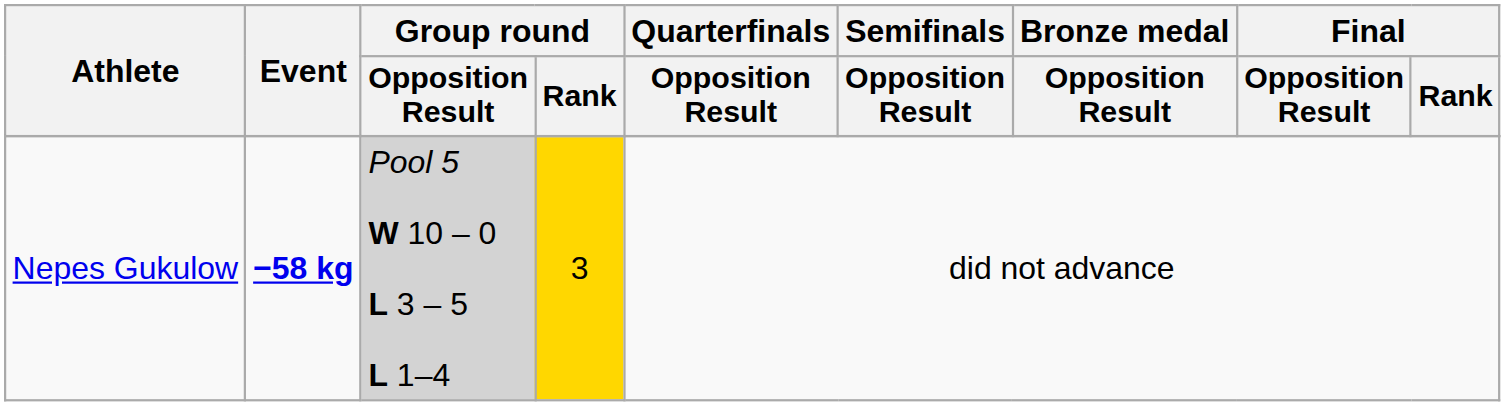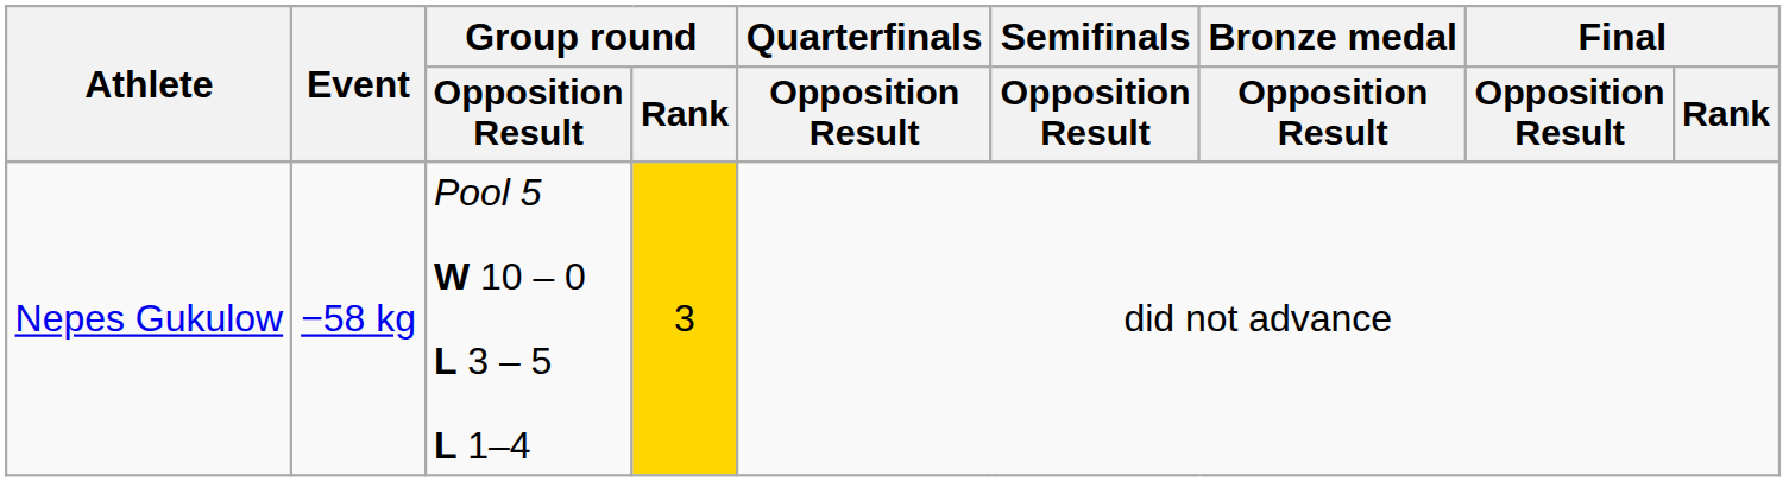 <table class="wikitable" style="font-size:90%;">
 <tr>
 <th rowspan="2">Athlete</th>
 <th rowspan="2">Event</th>
 <th colspan="2">Group round</th>
 <th>Quarterfinals</th>
 <th>Semifinals</th>
 <th>Bronze medal</th>
 <th colspan=2>Final</th>
 </tr>
 <tr style="font-size:95%">
 <th>Opposition<br>Result</th>
 <th>Rank</th>
 <th>Opposition<br>Result</th>
 <th>Opposition<br>Result</th>
 <th>Opposition<br>Result</th>
 <th>Opposition<br>Result</th>
 <th>Rank</th>
 </tr>
 <tr align=center>
 </tr>
 <tr align=center>
 <td align=left><a href='#'>Nepes Gukulow</a></td>
-<td align=left><strong><a href='#'>−58 kg</a></strong></td>
-<td align=left style="background: lightgrey;"><em>Pool 5</em><br><br><strong>W</strong> 10 – 0<br><br><strong>L</strong> 3 – 5<br><br><strong>L</strong> 1–4</td>
+<td align=left><a href='#'>−58 kg</a></td>
+<td align=left><em>Pool 5</em><br><br><strong>W</strong> 10 – 0<br><br><strong>L</strong> 3 – 5<br><br><strong>L</strong> 1–4</td>
 <td style="background: gold;">3</td>
 <td colspan=6>did not advance</td>
 </tr>
 </table>
